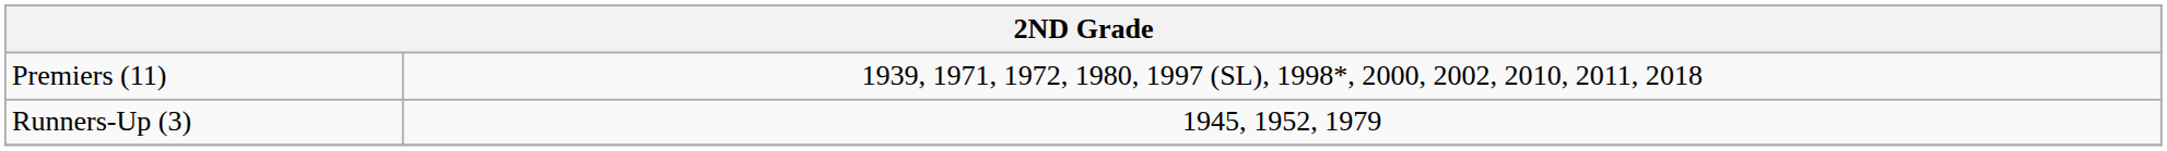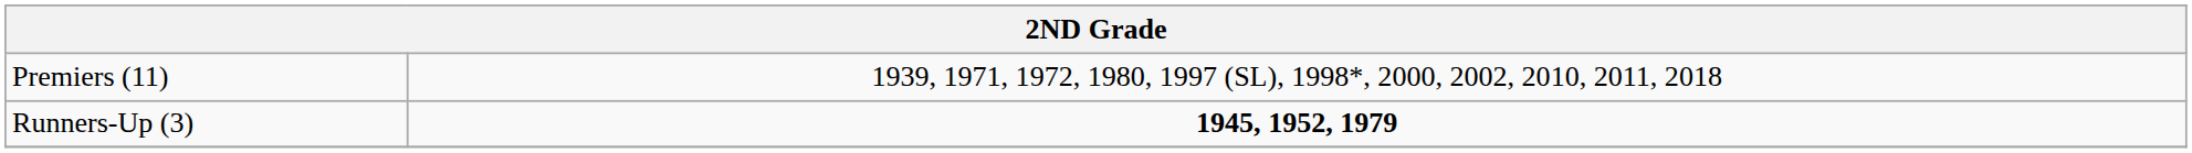 <table class="wikitable" width="55%" style="font-size:90%">
 <tr style="background:#efefef">
 <th colspan=11>2ND Grade</th>
 </tr>
 <tr>
 <td>Premiers (11)</td>
 <td align="center">1939, 1971, 1972, 1980, 1997 (SL), 1998*, 2000, 2002, 2010, 2011, 2018</td>
 </tr>
 <tr>
 <td>Runners-Up (3)</td>
-<td align="center">1945, 1952, 1979</td>
+<td align="center"><strong>1945, 1952, 1979</strong></td>
 </tr>
 <tr>
 </tr>
 </table>
